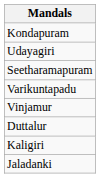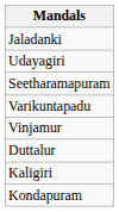 <table class="wikitable sortable static-row-numbers static-row-header-hash">
 <tr>
 <th>Mandals</th>
 </tr>
 <tr>
-<td>Kondapuram</td>
+<td>Jaladanki</td>
 </tr>
 <tr>
 <td>Udayagiri</td>
 </tr>
 <tr>
 <td>Seetharamapuram</td>
 </tr>
 <tr>
 <td>Varikuntapadu</td>
 </tr>
 <tr>
 <td>Vinjamur</td>
 </tr>
 <tr>
 <td>Duttalur</td>
 </tr>
 <tr>
 <td>Kaligiri</td>
 </tr>
 <tr>
-<td>Jaladanki</td>
+<td>Kondapuram</td>
 </tr>
 </table>
